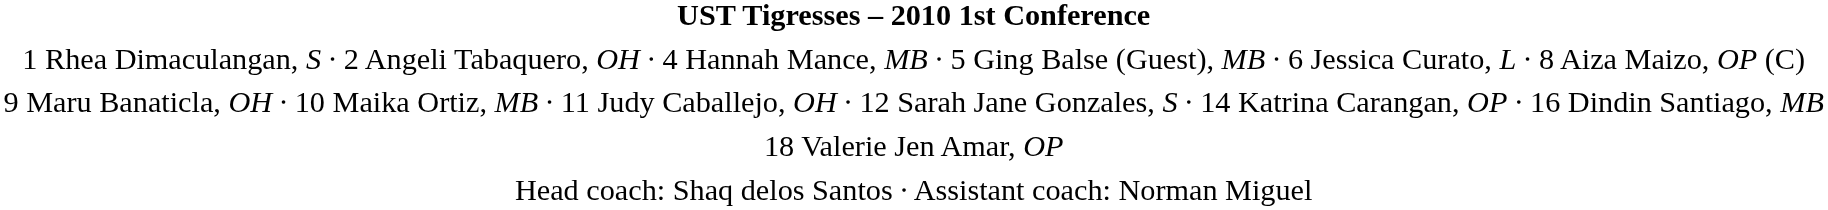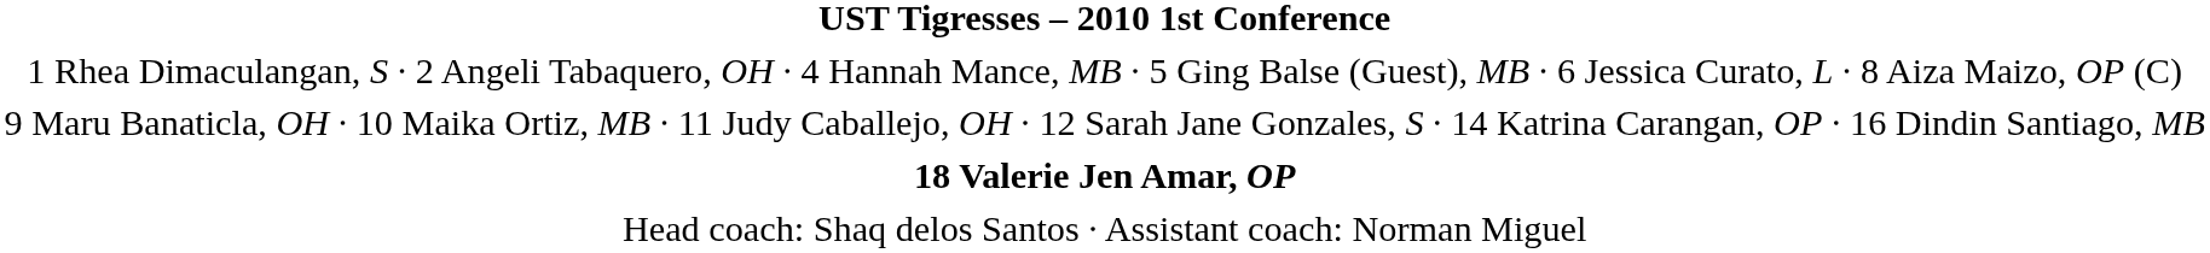 <table class='toccolours mw-collapsible mw-collapsed' width=100% style=font-size:95%>
 <tr>
 <th style=>UST Tigresses – 2010 1st Conference</th>
 </tr>
 <tr align=center>
 <td>1 Rhea Dimaculangan, <em>S</em> ∙ 2 Angeli Tabaquero, <em>OH</em> ∙ 4 Hannah Mance, <em>MB</em> ∙ 5 Ging Balse (Guest), <em>MB</em> ∙ 6 Jessica Curato, <em>L</em> ∙ 8 Aiza Maizo, <em>OP</em> (C)</td>
 </tr>
 <tr align=center>
 <td>9 Maru Banaticla, <em>OH</em> ∙ 10 Maika Ortiz, <em>MB</em> ∙ 11 Judy Caballejo, <em>OH</em> ∙ 12 Sarah Jane Gonzales, <em>S</em> ∙ 14 Katrina Carangan, <em>OP</em> ∙ 16 Dindin Santiago, <em>MB</em></td>
 </tr>
 <tr align=center>
-<td>18 Valerie Jen Amar, <em>OP</em></td>
+<td><strong>18 Valerie Jen Amar, <em>OP</em></strong></td>
 </tr>
 <tr align=center>
 <td>Head coach: Shaq delos Santos ∙ Assistant coach: Norman Miguel</td>
 </tr>
 </table>
